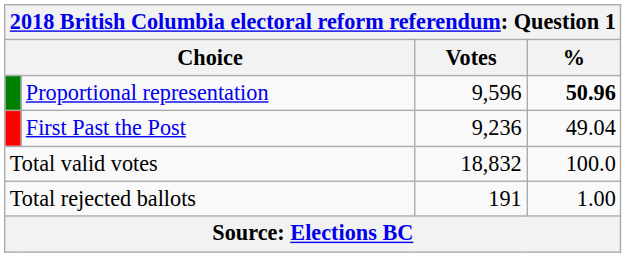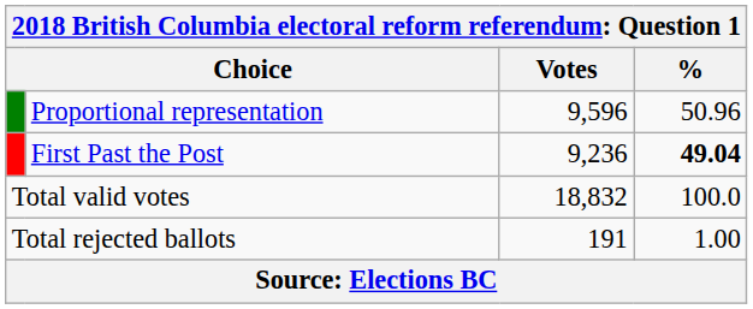 <table class="wikitable">
 <tr>
 <th colspan=4><a href='#'>2018 British Columbia electoral reform referendum</a>: Question 1</th>
 </tr>
 <tr>
 <th colspan=2>Choice</th>
 <th>Votes</th>
 <th>%</th>
 </tr>
 <tr>
 <td bgcolor="green"></td>
 <td><a href='#'>Proportional representation</a></td>
 <td align="right">9,596</td>
-<td align="right"><strong>50.96</strong></td>
+<td align="right">50.96</td>
 </tr>
 <tr>
 <td bgcolor="red"></td>
 <td><a href='#'>First Past the Post</a></td>
 <td align="right">9,236</td>
-<td align="right">49.04</td>
+<td align="right"><strong>49.04</strong></td>
 </tr>
 <tr>
 <td colspan=2>Total valid votes</td>
 <td align="right">18,832</td>
 <td align="right">100.0</td>
 </tr>
 <tr>
 <td colspan="2">Total rejected ballots</td>
 <td align="right">191</td>
 <td align="right">1.00</td>
 </tr>
 <tr>
 <th colspan="4">Source: <a href='#'>Elections BC</a></th>
 </tr>
 </table>
